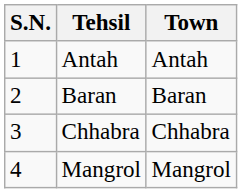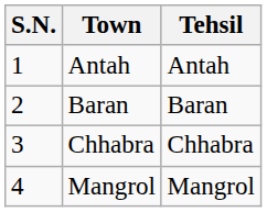 <table class="wikitable">
 <tr>
 <th>S.N.</th>
+<th>Town</th>
 <th>Tehsil</th>
-<th>Town</th>
 </tr>
 <tr>
 <td>1</td>
 <td>Antah</td>
 <td>Antah</td>
 </tr>
 <tr>
 <td>2</td>
 <td>Baran</td>
 <td>Baran</td>
 </tr>
 <tr>
 <td>3</td>
 <td>Chhabra</td>
 <td>Chhabra</td>
 </tr>
 <tr>
 <td>4</td>
 <td>Mangrol</td>
 <td>Mangrol</td>
 </tr>
 </table>
